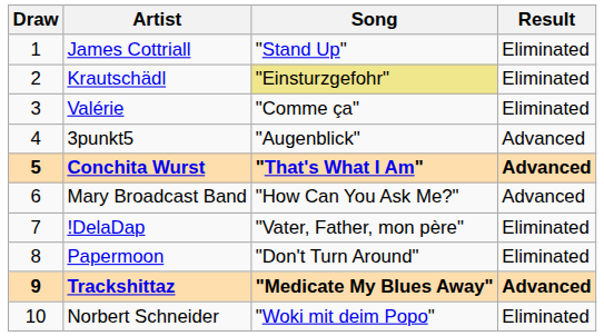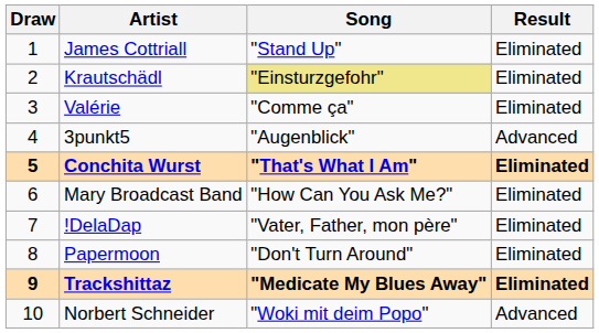 <table class="sortable wikitable" style="margin: 1em auto 1em auto; text-align:center;">
 <tr>
 <th>Draw</th>
 <th>Artist</th>
 <th>Song</th>
 <th>Result</th>
 </tr>
 <tr>
 <td>1</td>
 <td align="left"><a href='#'>James Cottriall</a></td>
 <td align="left">"<a href='#'>Stand Up</a>"</td>
 <td align="left">Eliminated</td>
 </tr>
 <tr>
 <td>2</td>
 <td align="left"><a href='#'>Krautschädl</a></td>
 <td align="left" style="background: khaki;">"Einsturzgefohr"</td>
 <td align="left">Eliminated</td>
 </tr>
 <tr>
 <td>3</td>
 <td align="left"><a href='#'>Valérie</a></td>
 <td align="left">"Comme ça"</td>
 <td align="left">Eliminated</td>
 </tr>
 <tr>
 <td>4</td>
 <td align="left">3punkt5</td>
 <td align="left">"Augenblick"</td>
 <td align="left">Advanced</td>
 </tr>
 <tr style="font-weight:bold;background:navajowhite">
 <td>5</td>
 <td align="left"><a href='#'>Conchita Wurst</a></td>
 <td align="left">"<a href='#'>That's What I Am</a>"</td>
-<td align="left">Advanced</td>
+<td align="left">Eliminated</td>
 </tr>
 <tr>
 <td>6</td>
 <td align="left">Mary Broadcast Band</td>
 <td align="left">"How Can You Ask Me?"</td>
-<td align="left">Advanced</td>
+<td align="left">Eliminated</td>
 </tr>
 <tr>
 <td>7</td>
 <td align="left" data-sort-value="DelaDap"><a href='#'>!DelaDap</a></td>
 <td align="left">"Vater, Father, mon père"</td>
 <td align="left">Eliminated</td>
 </tr>
 <tr>
 <td>8</td>
 <td align="left"><a href='#'>Papermoon</a></td>
 <td align="left">"Don't Turn Around"</td>
 <td align="left">Eliminated</td>
 </tr>
 <tr style="font-weight:bold; background:navajowhite">
 <td>9</td>
 <td align="left"><a href='#'>Trackshittaz</a></td>
 <td align="left">"Medicate My Blues Away"</td>
-<td align="left">Advanced</td>
+<td align="left">Eliminated</td>
 </tr>
 <tr>
 <td>10</td>
 <td align="left">Norbert Schneider</td>
 <td align="left">"<a href='#'>Woki mit deim Popo</a>"</td>
-<td align="left">Eliminated</td>
+<td align="left">Advanced</td>
 </tr>
 </table>
